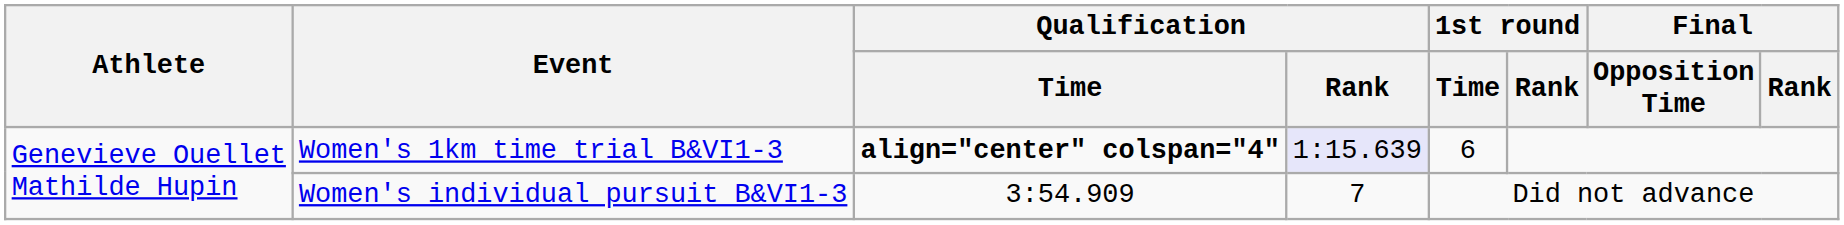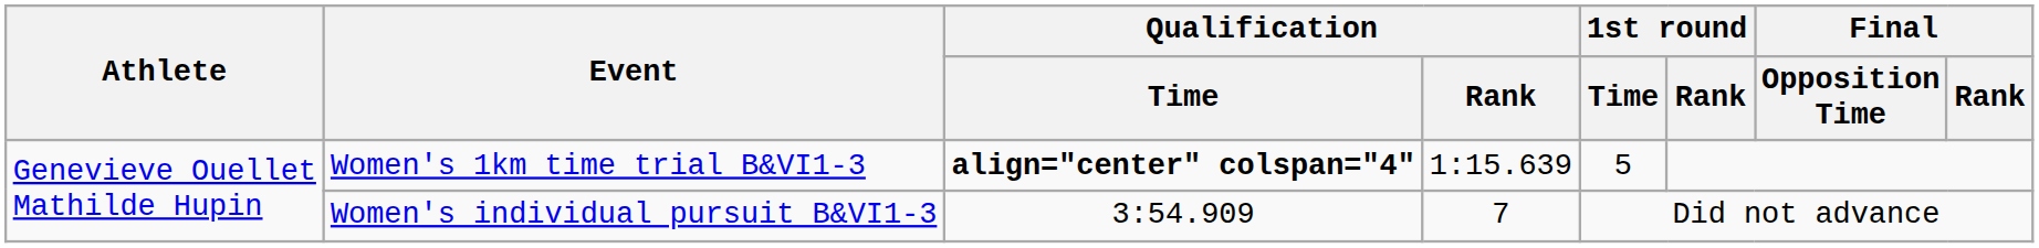 <table class=wikitable style="font-size:90%">
 <tr>
 <th rowspan="2">Athlete</th>
 <th rowspan="2">Event</th>
 <th colspan="2">Qualification</th>
 <th colspan="2">1st round</th>
 <th colspan="2">Final</th>
 </tr>
 <tr>
 <th>Time</th>
 <th>Rank</th>
 <th>Time</th>
 <th>Rank</th>
 <th>Opposition<br>Time</th>
 <th>Rank</th>
 </tr>
 <tr>
 <td rowspan="2"><a href='#'>Genevieve Ouellet</a><br> <a href='#'>Mathilde Hupin</a></td>
 <td><a href='#'>Women's 1km time trial B&VI1-3</a></td>
 <td><strong>align="center" colspan="4" </strong></td>
-<td align="center" style="background: lavender;">1:15.639</td>
-<td align="center">6</td>
+<td align="center">1:15.639</td>
+<td align="center">5</td>
 </tr>
 <tr>
 <td><a href='#'>Women's individual pursuit B&VI1-3</a></td>
 <td align="center">3:54.909</td>
 <td align="center">7</td>
 <td align="center" colspan="4">Did not advance</td>
 </tr>
 </table>
